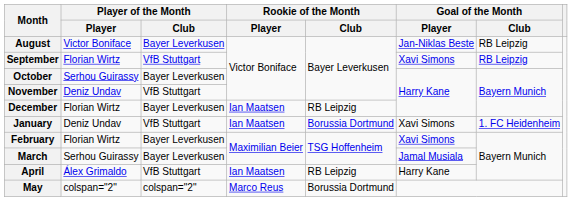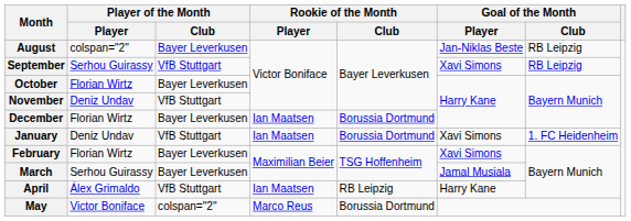 <table class="wikitable">
 <tr>
 <th rowspan="2">Month</th>
 <th colspan="2">Player of the Month</th>
 <th colspan="2">Rookie of the Month</th>
 <th colspan="2">Goal of the Month</th>
 <th rowspan="2"></th>
 </tr>
 <tr>
 <th>Player</th>
 <th>Club</th>
 <th>Player</th>
 <th>Club</th>
 <th>Player</th>
 <th>Club</th>
 </tr>
 <tr>
 <th>August</th>
-<td> <a href='#'>Victor Boniface</a></td>
+<td>colspan="2" </td>
 <td><a href='#'>Bayer Leverkusen</a></td>
 <td rowspan="4"> Victor Boniface</td>
 <td rowspan="4">Bayer Leverkusen</td>
 <td> <a href='#'>Jan-Niklas Beste</a></td>
 <td>RB Leipzig</td>
 <td rowspan="10"></td>
 </tr>
 <tr>
 <th>September</th>
-<td> <a href='#'>Florian Wirtz</a></td>
+<td> <a href='#'>Serhou Guirassy</a></td>
 <td><a href='#'>VfB Stuttgart</a></td>
 <td> <a href='#'>Xavi Simons</a></td>
 <td><a href='#'>RB Leipzig</a></td>
 </tr>
 <tr>
 <th>October</th>
-<td> <a href='#'>Serhou Guirassy</a></td>
+<td> <a href='#'>Florian Wirtz</a></td>
 <td>Bayer Leverkusen</td>
 <td rowspan="3"> <a href='#'>Harry Kane</a></td>
 <td rowspan="3"><a href='#'>Bayern Munich</a></td>
 </tr>
 <tr>
 <th>November</th>
 <td> <a href='#'>Deniz Undav</a></td>
 <td>VfB Stuttgart</td>
 </tr>
 <tr>
 <th>December</th>
 <td> Florian Wirtz</td>
 <td>Bayer Leverkusen</td>
 <td> <a href='#'>Ian Maatsen</a></td>
-<td>RB Leipzig</td>
+<td><a href='#'>Borussia Dortmund</a></td>
 </tr>
 <tr>
 <th>January</th>
 <td> Deniz Undav</td>
 <td>VfB Stuttgart</td>
 <td> <a href='#'>Ian Maatsen</a></td>
 <td><a href='#'>Borussia Dortmund</a></td>
 <td> Xavi Simons</td>
 <td><a href='#'>1. FC Heidenheim</a></td>
 </tr>
 <tr>
 <th>February</th>
 <td> Florian Wirtz</td>
 <td>Bayer Leverkusen</td>
 <td rowspan="2"> <a href='#'>Maximilian Beier</a></td>
 <td rowspan="2"><a href='#'>TSG Hoffenheim</a></td>
 <td> <a href='#'>Xavi Simons</a></td>
 <td rowspan="3">Bayern Munich</td>
 </tr>
 <tr>
 <th>March</th>
 <td> Serhou Guirassy</td>
 <td>Bayer Leverkusen</td>
 <td> <a href='#'>Jamal Musiala</a></td>
 </tr>
 <tr>
 <th>April</th>
 <td> <a href='#'>Álex Grimaldo</a></td>
 <td>VfB Stuttgart</td>
 <td> <a href='#'>Ian Maatsen</a></td>
 <td>RB Leipzig</td>
 <td> Harry Kane</td>
 </tr>
 <tr>
 <th>May</th>
-<td>colspan="2" </td>
+<td> <a href='#'>Victor Boniface</a></td>
 <td>colspan="2" </td>
 <td> <a href='#'>Marco Reus</a></td>
 <td>Borussia Dortmund</td>
 </tr>
 </table>
